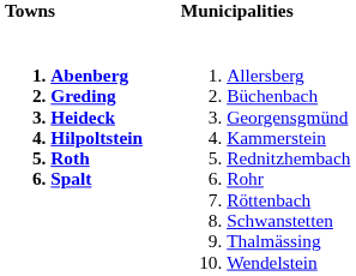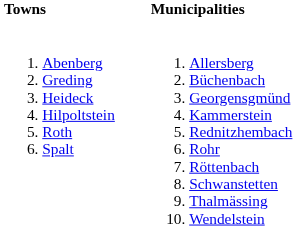 <table>
 <tr>
 <th align=left width=33%>Towns</th>
 <th align=left width=33%>Municipalities</th>
 <th align=left width=33%></th>
 </tr>
 <tr valign=top>
-<td><strong><br><ol><li><a href='#'>Abenberg</a></li><li><a href='#'>Greding</a></li><li><a href='#'>Heideck</a></li><li><a href='#'>Hilpoltstein</a></li><li><a href='#'>Roth</a></li><li><a href='#'>Spalt</a></li></ol></strong></td>
+<td><br><ol><li><a href='#'>Abenberg</a></li><li><a href='#'>Greding</a></li><li><a href='#'>Heideck</a></li><li><a href='#'>Hilpoltstein</a></li><li><a href='#'>Roth</a></li><li><a href='#'>Spalt</a></li></ol></td>
 <td><br><ol><li><a href='#'>Allersberg</a></li><li><a href='#'>Büchenbach</a></li><li><a href='#'>Georgensgmünd</a></li><li><a href='#'>Kammerstein</a></li><li><a href='#'>Rednitzhembach</a></li><li><a href='#'>Rohr</a></li><li><a href='#'>Röttenbach</a></li><li><a href='#'>Schwanstetten</a></li><li><a href='#'>Thalmässing</a></li><li><a href='#'>Wendelstein</a></li></ol></td>
 </tr>
 </table>
